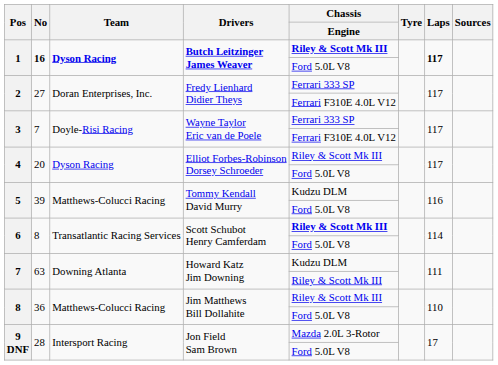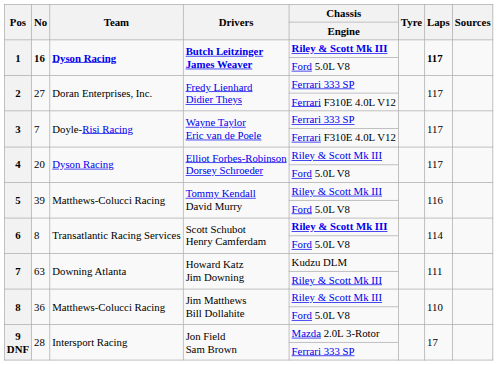 <table class="wikitable" style="font-size: 95%;">
 <tr>
 <th rowspan=2>Pos</th>
 <th rowspan=2>No</th>
 <th rowspan=2>Team</th>
 <th rowspan=2>Drivers</th>
 <th>Chassis</th>
 <th rowspan=2>Tyre</th>
 <th rowspan=2>Laps</th>
 <th rowspan="2">Sources</th>
 </tr>
 <tr>
 <th>Engine</th>
 </tr>
 <tr style="font-weight:bold">
 <th rowspan=2>1</th>
 <td rowspan=2>16</td>
 <td rowspan=2><a href='#'>Dyson Racing</a></td>
 <td rowspan=2> <a href='#'>Butch Leitzinger</a><br> <a href='#'>James Weaver</a></td>
 <td><a href='#'>Riley & Scott Mk III</a></td>
 <td rowspan=2></td>
 <td rowspan=2>117</td>
 <td rowspan="2"></td>
 </tr>
 <tr>
 <td><a href='#'>Ford</a> 5.0L V8</td>
 </tr>
 <tr>
 <th rowspan=2>2</th>
 <td rowspan=2>27</td>
 <td rowspan=2>Doran Enterprises, Inc.</td>
 <td rowspan=2> <a href='#'>Fredy Lienhard</a><br> <a href='#'>Didier Theys</a></td>
 <td><a href='#'>Ferrari 333 SP</a></td>
 <td rowspan=2></td>
 <td rowspan=2>117</td>
 <td rowspan="2"></td>
 </tr>
 <tr>
 <td><a href='#'>Ferrari</a> F310E 4.0L V12</td>
 </tr>
 <tr>
 <th rowspan=2>3</th>
 <td rowspan=2>7</td>
 <td rowspan=2>Doyle-<a href='#'>Risi Racing</a></td>
 <td rowspan=2> <a href='#'>Wayne Taylor</a><br> <a href='#'>Eric van de Poele</a></td>
 <td><a href='#'>Ferrari 333 SP</a></td>
 <td rowspan=2></td>
 <td rowspan=2>117</td>
 <td rowspan="2"></td>
 </tr>
 <tr>
 <td><a href='#'>Ferrari</a> F310E 4.0L V12</td>
 </tr>
 <tr>
 <th rowspan=2>4</th>
 <td rowspan=2>20</td>
 <td rowspan=2><a href='#'>Dyson Racing</a></td>
 <td rowspan=2> <a href='#'>Elliot Forbes-Robinson</a><br> <a href='#'>Dorsey Schroeder</a></td>
 <td><a href='#'>Riley & Scott Mk III</a></td>
 <td rowspan=2></td>
 <td rowspan=2>117</td>
 <td rowspan="2"></td>
 </tr>
 <tr>
 <td><a href='#'>Ford</a> 5.0L V8</td>
 </tr>
 <tr>
 <th rowspan=2>5</th>
 <td rowspan=2>39</td>
 <td rowspan=2>Matthews-Colucci Racing</td>
 <td rowspan=2> <a href='#'>Tommy Kendall</a><br> David Murry</td>
-<td>Kudzu DLM</td>
+<td><a href='#'>Riley & Scott Mk III</a></td>
 <td rowspan=2></td>
 <td rowspan=2>116</td>
 <td rowspan="2"></td>
 </tr>
 <tr>
 <td><a href='#'>Ford</a> 5.0L V8</td>
 </tr>
 <tr>
 <th rowspan=2>6</th>
 <td rowspan=2>8</td>
 <td rowspan=2>Transatlantic Racing Services</td>
 <td rowspan=2> Scott Schubot<br> Henry Camferdam</td>
 <td><strong><a href='#'>Riley & Scott Mk III</a></strong></td>
 <td rowspan=2></td>
 <td rowspan=2>114</td>
 <td rowspan="2"></td>
 </tr>
 <tr>
 <td><a href='#'>Ford</a> 5.0L V8</td>
 </tr>
 <tr>
 <th rowspan=2>7</th>
 <td rowspan=2>63</td>
 <td rowspan=2>Downing Atlanta</td>
 <td rowspan=2> Howard Katz<br> Jim Downing</td>
 <td>Kudzu DLM</td>
 <td rowspan=2></td>
 <td rowspan=2>111</td>
 <td rowspan="2"></td>
 </tr>
 <tr>
 <td><a href='#'>Riley & Scott Mk III</a></td>
 </tr>
 <tr>
 <th rowspan=2>8</th>
 <td rowspan=2>36</td>
 <td rowspan=2>Matthews-Colucci Racing</td>
 <td rowspan=2> Jim Matthews<br> Bill Dollahite</td>
 <td><a href='#'>Riley & Scott Mk III</a></td>
 <td rowspan=2></td>
 <td rowspan=2>110</td>
 <td rowspan="2"></td>
 </tr>
 <tr>
 <td><a href='#'>Ford</a> 5.0L V8</td>
 </tr>
 <tr>
 <th rowspan=2>9<br>DNF</th>
 <td rowspan=2>28</td>
 <td rowspan=2>Intersport Racing</td>
 <td rowspan=2> Jon Field<br> Sam Brown</td>
 <td><a href='#'>Mazda</a> 2.0L 3-Rotor</td>
 <td rowspan=2></td>
 <td rowspan=2>17</td>
 <td rowspan="2"></td>
 </tr>
 <tr>
-<td><a href='#'>Ford</a> 5.0L V8</td>
+<td><a href='#'>Ferrari 333 SP</a></td>
 </tr>
 </table>
